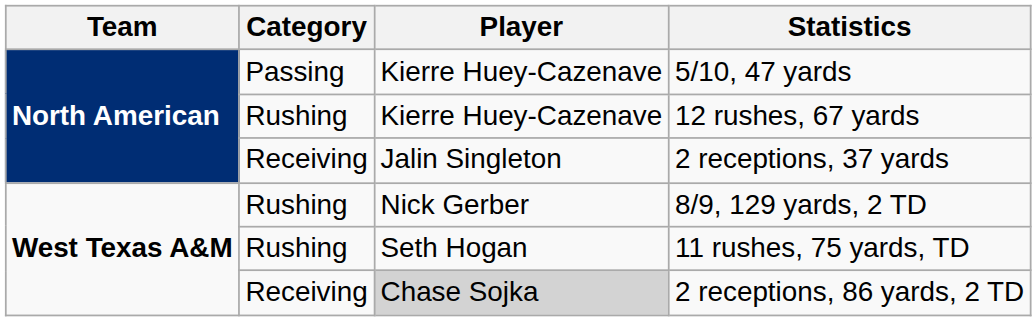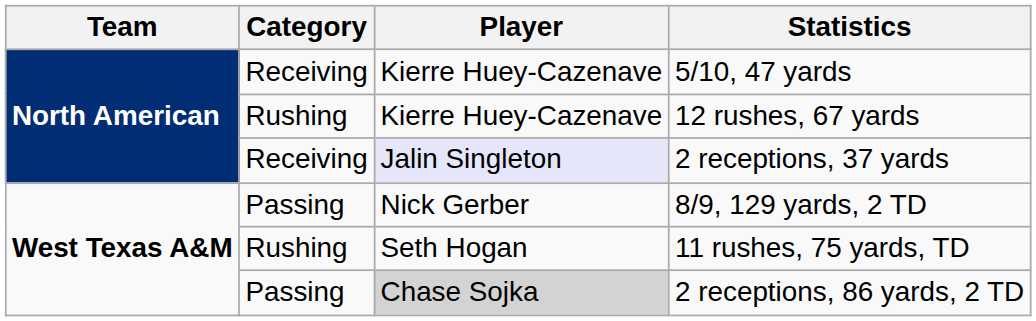 <table class="wikitable" style="float: right;">
 <tr>
 <th>Team</th>
 <th>Category</th>
 <th>Player</th>
 <th>Statistics</th>
 </tr>
 <tr>
 <td rowspan=3 style="background:#002d74; color:white; "><strong>North American</strong></td>
-<td>Passing</td>
+<td>Receiving</td>
 <td>Kierre Huey-Cazenave</td>
 <td>5/10, 47 yards</td>
 </tr>
 <tr>
 <td>Rushing</td>
 <td>Kierre Huey-Cazenave</td>
 <td>12 rushes, 67 yards</td>
 </tr>
 <tr>
 <td>Receiving</td>
-<td>Jalin Singleton</td>
+<td style="background: lavender;">Jalin Singleton</td>
 <td>2 receptions, 37 yards</td>
 </tr>
 <tr>
 <td rowspan=3><strong>West Texas A&M</strong></td>
-<td>Rushing</td>
+<td>Passing</td>
 <td>Nick Gerber</td>
 <td>8/9, 129 yards, 2 TD</td>
 </tr>
 <tr>
 <td>Rushing</td>
 <td>Seth Hogan</td>
 <td>11 rushes, 75 yards, TD</td>
 </tr>
 <tr>
-<td>Receiving</td>
+<td>Passing</td>
 <td style="background: lightgrey;">Chase Sojka</td>
 <td>2 receptions, 86 yards, 2 TD</td>
 </tr>
 </table>
